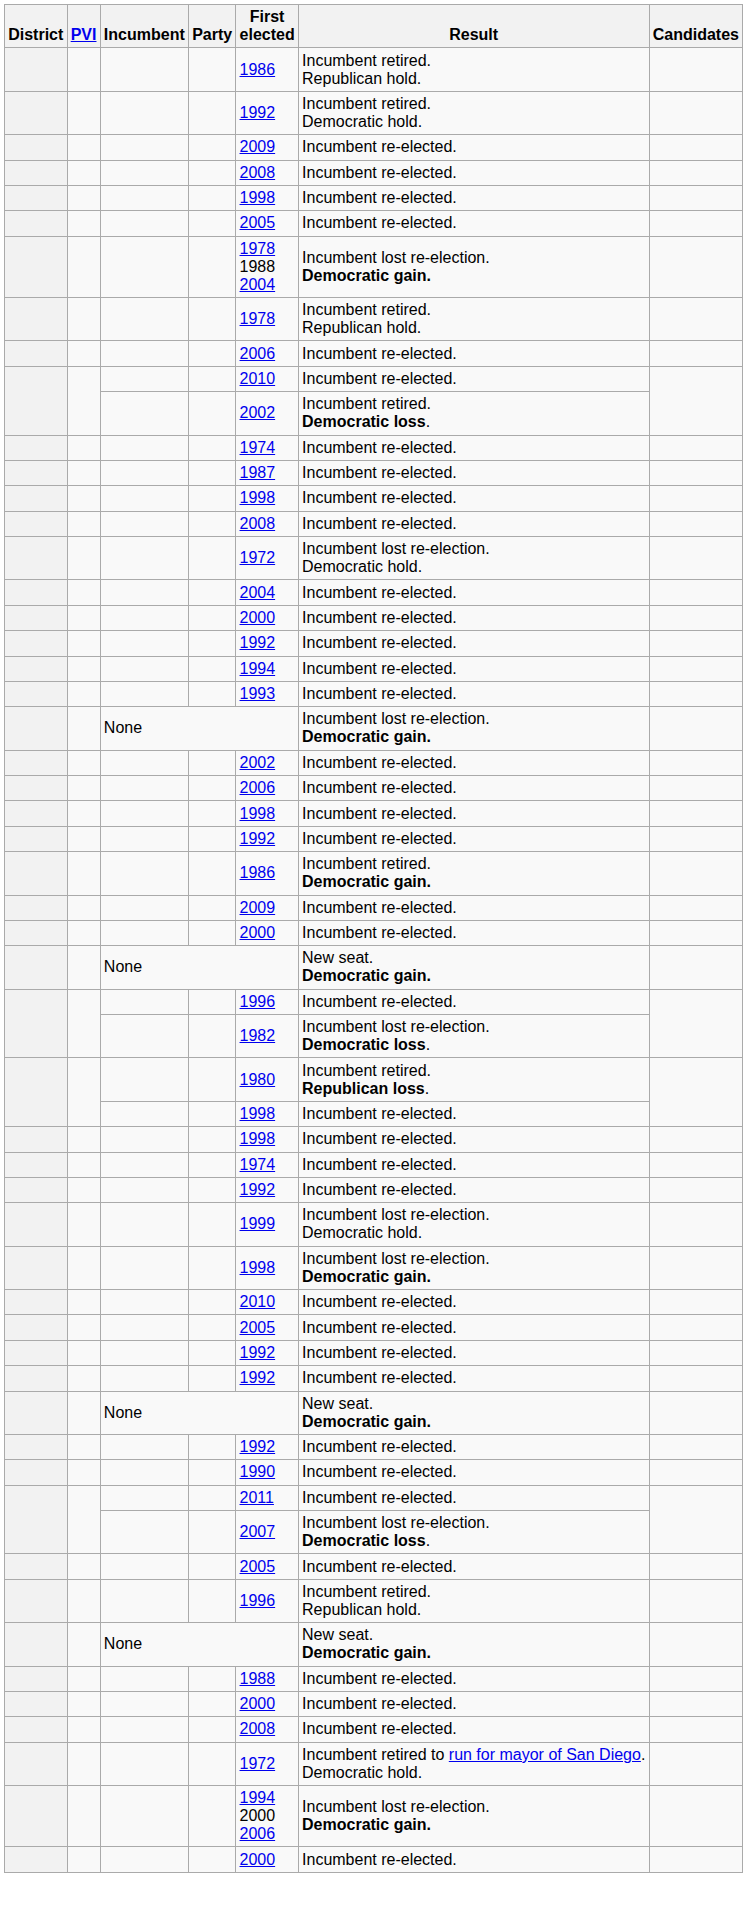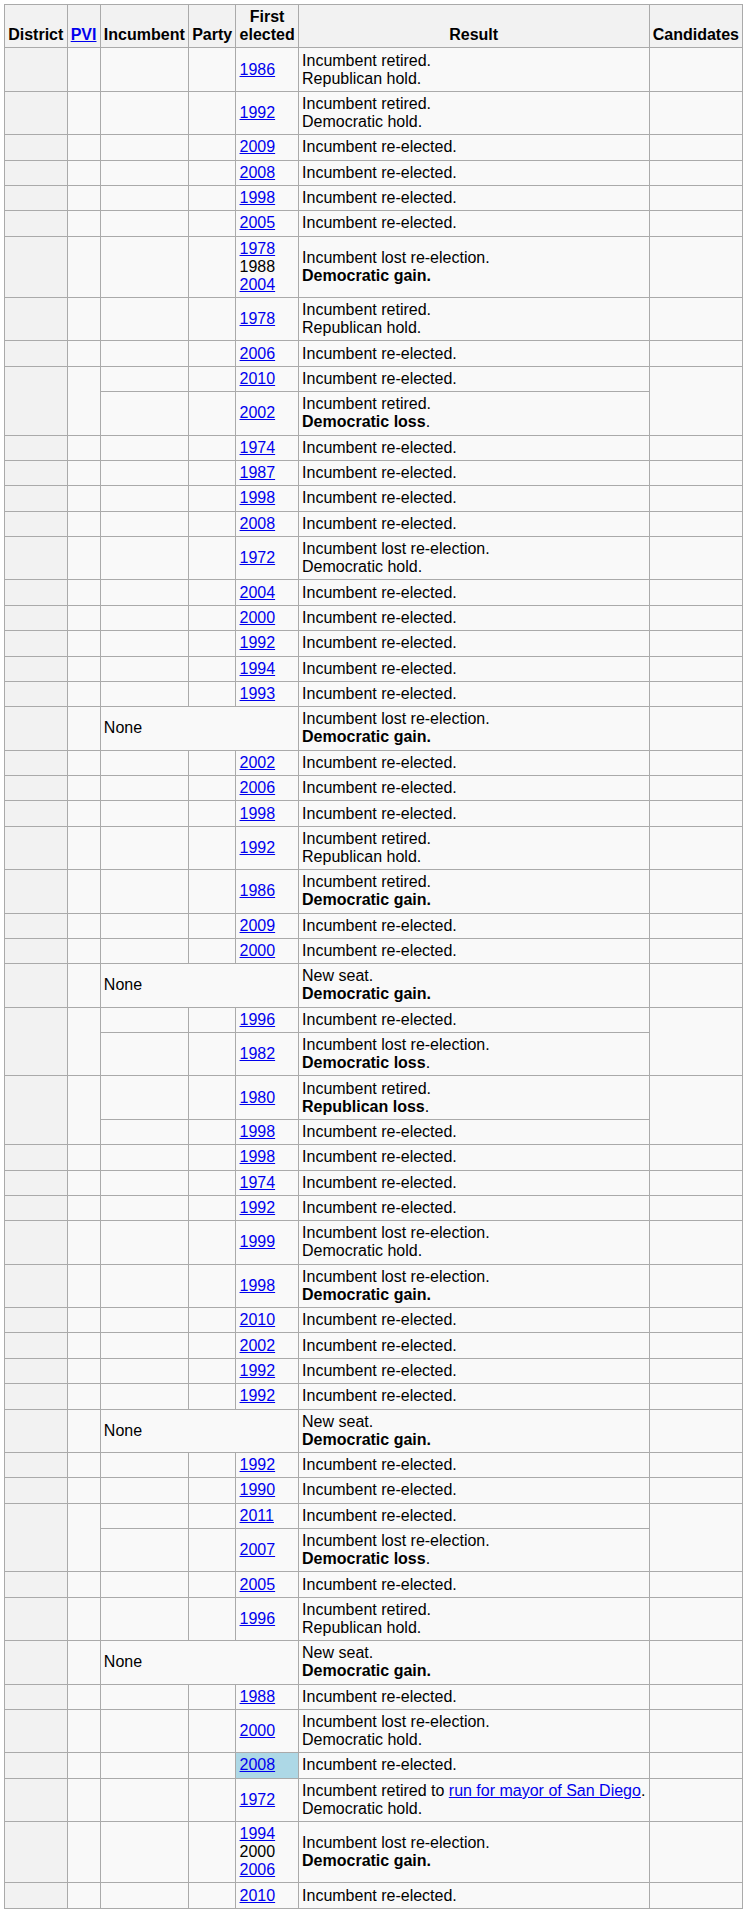 <table class="wikitable sortable">
 <tr valign=bottom>
 <th>District</th>
 <th><a href='#'>PVI</a></th>
 <th>Incumbent</th>
 <th>Party</th>
 <th>First<br>elected</th>
 <th>Result</th>
 <th>Candidates</th>
 </tr>
 <tr>
 <th></th>
 <td></td>
 <td><br></td>
 <td></td>
 <td><a href='#'>1986</a></td>
 <td>Incumbent retired.<br>Republican hold.</td>
 <td nowrap></td>
 </tr>
 <tr>
 <th></th>
 <td></td>
 <td><br></td>
 <td></td>
 <td><a href='#'>1992</a></td>
 <td>Incumbent retired.<br>Democratic hold.</td>
 <td nowrap></td>
 </tr>
 <tr>
 <th></th>
 <td></td>
 <td><br></td>
 <td></td>
 <td><a href='#'>2009 </a></td>
 <td>Incumbent re-elected.</td>
 <td nowrap></td>
 </tr>
 <tr>
 <th></th>
 <td></td>
 <td></td>
 <td></td>
 <td><a href='#'>2008</a></td>
 <td>Incumbent re-elected.</td>
 <td nowrap></td>
 </tr>
 <tr>
 <th></th>
 <td></td>
 <td><br></td>
 <td></td>
 <td><a href='#'>1998</a></td>
 <td>Incumbent re-elected.</td>
 <td nowrap></td>
 </tr>
 <tr>
 <th></th>
 <td></td>
 <td><br></td>
 <td></td>
 <td><a href='#'>2005 </a></td>
 <td>Incumbent re-elected.</td>
 <td nowrap></td>
 </tr>
 <tr>
 <th></th>
 <td></td>
 <td><br></td>
 <td></td>
 <td><a href='#'>1978</a><br>1988 <br><a href='#'>2004</a></td>
 <td>Incumbent lost re-election.<br><strong>Democratic gain.</strong></td>
 <td nowrap></td>
 </tr>
 <tr>
 <th></th>
 <td></td>
 <td><br></td>
 <td></td>
 <td><a href='#'>1978</a></td>
 <td>Incumbent retired.<br>Republican hold.</td>
 <td nowrap></td>
 </tr>
 <tr>
 <th></th>
 <td></td>
 <td><br></td>
 <td></td>
 <td><a href='#'>2006</a></td>
 <td>Incumbent re-elected.</td>
 <td nowrap></td>
 </tr>
 <tr>
 <th rowspan=2></th>
 <td rowspan=2 ></td>
 <td><br></td>
 <td></td>
 <td><a href='#'>2010</a></td>
 <td>Incumbent re-elected.</td>
 <td nowrap rowspan=2></td>
 </tr>
 <tr>
 <td><br></td>
 <td></td>
 <td><a href='#'>2002</a></td>
 <td>Incumbent retired.<br><strong>Democratic loss</strong>.</td>
 </tr>
 <tr>
 <th></th>
 <td></td>
 <td><br></td>
 <td></td>
 <td><a href='#'>1974</a></td>
 <td>Incumbent re-elected.</td>
 <td nowrap></td>
 </tr>
 <tr>
 <th></th>
 <td></td>
 <td><br></td>
 <td></td>
 <td><a href='#'>1987 </a></td>
 <td>Incumbent re-elected.</td>
 <td nowrap></td>
 </tr>
 <tr>
 <th></th>
 <td></td>
 <td><br></td>
 <td></td>
 <td><a href='#'>1998 </a></td>
 <td>Incumbent re-elected.</td>
 <td nowrap></td>
 </tr>
 <tr>
 <th></th>
 <td></td>
 <td><br></td>
 <td></td>
 <td><a href='#'>2008 </a></td>
 <td>Incumbent re-elected.</td>
 <td nowrap></td>
 </tr>
 <tr>
 <th></th>
 <td></td>
 <td><br></td>
 <td></td>
 <td><a href='#'>1972</a></td>
 <td>Incumbent lost re-election.<br>Democratic hold.</td>
 <td nowrap></td>
 </tr>
 <tr>
 <th></th>
 <td></td>
 <td><br></td>
 <td></td>
 <td><a href='#'>2004</a></td>
 <td>Incumbent re-elected.</td>
 <td nowrap></td>
 </tr>
 <tr>
 <th></th>
 <td></td>
 <td><br></td>
 <td></td>
 <td><a href='#'>2000</a></td>
 <td>Incumbent re-elected.</td>
 <td nowrap></td>
 </tr>
 <tr>
 <th></th>
 <td></td>
 <td><br></td>
 <td></td>
 <td><a href='#'>1992</a></td>
 <td>Incumbent re-elected.</td>
 <td nowrap></td>
 </tr>
 <tr>
 <th></th>
 <td></td>
 <td><br></td>
 <td></td>
 <td><a href='#'>1994</a></td>
 <td>Incumbent re-elected.</td>
 <td nowrap></td>
 </tr>
 <tr>
 <th></th>
 <td></td>
 <td><br></td>
 <td></td>
 <td><a href='#'>1993 </a></td>
 <td>Incumbent re-elected.</td>
 <td nowrap></td>
 </tr>
 <tr>
 <th></th>
 <td></td>
 <td colspan=3 data-sort-value="ZZZ">None </td>
 <td>Incumbent lost re-election.<br><strong>Democratic gain.</strong></td>
 <td nowrap></td>
 </tr>
 <tr>
 <th></th>
 <td></td>
 <td><br></td>
 <td></td>
 <td><a href='#'>2002</a></td>
 <td>Incumbent re-elected.</td>
 <td nowrap></td>
 </tr>
 <tr>
 <th></th>
 <td></td>
 <td><br></td>
 <td></td>
 <td><a href='#'>2006</a></td>
 <td>Incumbent re-elected.</td>
 <td nowrap></td>
 </tr>
 <tr>
 <th></th>
 <td></td>
 <td><br></td>
 <td></td>
 <td><a href='#'>1998 </a></td>
 <td>Incumbent re-elected.</td>
 <td nowrap></td>
 </tr>
 <tr>
 <th></th>
 <td></td>
 <td></td>
 <td></td>
 <td><a href='#'>1992</a></td>
-<td>Incumbent re-elected.</td>
+<td>Incumbent retired.<br>Republican hold.</td>
 <td nowrap></td>
 </tr>
 <tr>
 <th></th>
 <td></td>
 <td><br></td>
 <td></td>
 <td><a href='#'>1986</a></td>
 <td>Incumbent retired.<br><strong>Democratic gain.</strong></td>
 <td nowrap></td>
 </tr>
 <tr>
 <th></th>
 <td></td>
 <td><br></td>
 <td></td>
 <td><a href='#'>2009 </a></td>
 <td>Incumbent re-elected.</td>
 <td nowrap></td>
 </tr>
 <tr>
 <th></th>
 <td></td>
 <td><br></td>
 <td></td>
 <td><a href='#'>2000</a></td>
 <td>Incumbent re-elected.</td>
 <td nowrap></td>
 </tr>
 <tr>
 <th></th>
 <td></td>
 <td colspan=3 data-sort-value="ZZZ">None </td>
 <td>New seat.<br><strong>Democratic gain.</strong></td>
 <td nowrap></td>
 </tr>
 <tr>
 <th rowspan=2></th>
 <td rowspan=2 ></td>
 <td><br></td>
 <td></td>
 <td><a href='#'>1996</a></td>
 <td>Incumbent re-elected.</td>
 <td rowspan=2 nowrap></td>
 </tr>
 <tr>
 <td><br></td>
 <td></td>
 <td><a href='#'>1982</a></td>
 <td>Incumbent lost re-election.<br><strong>Democratic loss</strong>.</td>
 </tr>
 <tr>
 <th rowspan=2></th>
 <td rowspan=2 ></td>
 <td><br></td>
 <td></td>
 <td><a href='#'>1980</a></td>
 <td>Incumbent retired.<br><strong>Republican loss</strong>.</td>
 <td rowspan=2 nowrap></td>
 </tr>
 <tr>
 <td><br></td>
 <td></td>
 <td><a href='#'>1998</a></td>
 <td>Incumbent re-elected.</td>
 </tr>
 <tr>
 <th></th>
 <td></td>
 <td><br></td>
 <td></td>
 <td><a href='#'>1998</a></td>
 <td>Incumbent re-elected.</td>
 <td nowrap></td>
 </tr>
 <tr>
 <th></th>
 <td></td>
 <td><br></td>
 <td></td>
 <td><a href='#'>1974</a></td>
 <td>Incumbent re-elected.</td>
 <td nowrap></td>
 </tr>
 <tr>
 <th></th>
 <td></td>
 <td><br></td>
 <td></td>
 <td><a href='#'>1992</a></td>
 <td>Incumbent re-elected.</td>
 <td nowrap></td>
 </tr>
 <tr>
 <th></th>
 <td></td>
 <td><br></td>
 <td></td>
 <td><a href='#'>1999 </a></td>
 <td>Incumbent lost re-election.<br>Democratic hold.</td>
 <td nowrap></td>
 </tr>
 <tr>
 <th></th>
 <td></td>
 <td><br></td>
 <td></td>
 <td><a href='#'>1998 </a></td>
 <td>Incumbent lost re-election.<br><strong>Democratic gain.</strong></td>
 <td nowrap></td>
 </tr>
 <tr>
 <th></th>
 <td></td>
 <td><br></td>
 <td></td>
 <td><a href='#'>2010</a></td>
 <td>Incumbent re-elected.</td>
 <td nowrap></td>
 </tr>
 <tr>
 <th></th>
 <td></td>
 <td><br></td>
 <td></td>
-<td><a href='#'>2005</a></td>
+<td><a href='#'>2002</a></td>
 <td>Incumbent re-elected.</td>
 <td nowrap></td>
 </tr>
 <tr>
 <th></th>
 <td></td>
 <td><br></td>
 <td></td>
 <td><a href='#'>1992</a></td>
 <td>Incumbent re-elected.</td>
 <td nowrap></td>
 </tr>
 <tr>
 <th></th>
 <td></td>
 <td><br></td>
 <td></td>
 <td><a href='#'>1992</a></td>
 <td>Incumbent re-elected.</td>
 <td nowrap></td>
 </tr>
 <tr>
 <th></th>
 <td></td>
 <td colspan=3 data-sort-value="ZZZ">None </td>
 <td>New seat.<br><strong>Democratic gain.</strong></td>
 <td nowrap></td>
 </tr>
 <tr>
 <th></th>
 <td></td>
 <td><br></td>
 <td></td>
 <td><a href='#'>1992</a></td>
 <td>Incumbent re-elected.</td>
 <td nowrap></td>
 </tr>
 <tr>
 <th></th>
 <td></td>
 <td><br></td>
 <td></td>
 <td><a href='#'>1990</a></td>
 <td>Incumbent re-elected.</td>
 <td nowrap></td>
 </tr>
 <tr>
 <th rowspan=2></th>
 <td rowspan=2 ></td>
 <td><br></td>
 <td></td>
 <td><a href='#'>2011 </a></td>
 <td>Incumbent re-elected.</td>
 <td rowspan=2 nowrap></td>
 </tr>
 <tr>
 <td><br></td>
 <td></td>
 <td><a href='#'>2007 </a></td>
 <td>Incumbent lost re-election.<br><strong>Democratic loss</strong>.</td>
 </tr>
 <tr>
 <th></th>
 <td></td>
 <td><br></td>
 <td></td>
 <td><a href='#'>2005 </a></td>
 <td>Incumbent re-elected.</td>
 <td nowrap></td>
 </tr>
 <tr>
 <th></th>
 <td></td>
 <td><br></td>
 <td></td>
 <td><a href='#'>1996</a></td>
 <td>Incumbent retired.<br>Republican hold.</td>
 <td nowrap></td>
 </tr>
 <tr>
 <th></th>
 <td></td>
 <td colspan=3 data-sort-value="ZZZ">None </td>
 <td>New seat.<br><strong>Democratic gain.</strong></td>
 <td nowrap></td>
 </tr>
 <tr>
 <th></th>
 <td></td>
 <td><br></td>
 <td></td>
 <td><a href='#'>1988</a></td>
 <td>Incumbent re-elected.</td>
 <td nowrap></td>
 </tr>
 <tr>
 <th></th>
 <td></td>
 <td></td>
 <td></td>
 <td><a href='#'>2000</a></td>
-<td>Incumbent re-elected.</td>
+<td>Incumbent lost re-election.<br>Democratic hold.</td>
 <td nowrap></td>
 </tr>
 <tr>
 <th></th>
 <td></td>
 <td><br></td>
 <td></td>
-<td><a href='#'>2008</a></td>
+<td style="background: lightblue;"><a href='#'>2008</a></td>
 <td>Incumbent re-elected.</td>
 <td nowrap></td>
 </tr>
 <tr>
 <th></th>
 <td></td>
 <td></td>
 <td></td>
 <td><a href='#'>1972</a></td>
 <td>Incumbent retired to <a href='#'>run for mayor of San Diego</a>.<br>Democratic hold.</td>
 <td nowrap></td>
 </tr>
 <tr>
 <th></th>
 <td></td>
 <td><br></td>
 <td></td>
 <td><a href='#'>1994</a><br>2000 <br><a href='#'>2006 </a></td>
 <td>Incumbent lost re-election.<br><strong>Democratic gain.</strong></td>
 <td nowrap></td>
 </tr>
 <tr>
 <th></th>
 <td></td>
 <td></td>
 <td></td>
-<td><a href='#'>2000</a></td>
+<td><a href='#'>2010</a></td>
 <td>Incumbent re-elected.</td>
 <td nowrap></td>
 </tr>
 </table>
